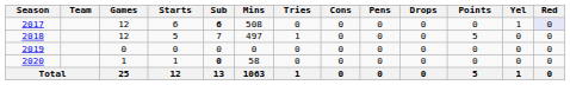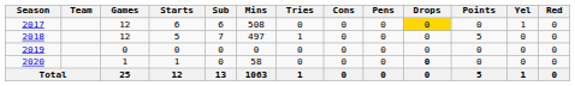 <table class="wikitable" style="text-align:center; line-height:90%; font-size:95%; width:60%;">
 <tr>
 <th>Season</th>
 <th>Team</th>
 <th>Games</th>
 <th>Starts</th>
 <th>Sub</th>
 <th>Mins</th>
 <th>Tries</th>
 <th>Cons</th>
 <th>Pens</th>
 <th>Drops</th>
 <th>Points</th>
 <th>Yel</th>
 <th>Red</th>
 </tr>
 <tr>
 <td><a href='#'>2017</a></td>
 <td></td>
 <td>12</td>
 <td>6</td>
-<td><strong>6</strong></td>
+<td>6</td>
 <td>508</td>
 <td>0</td>
 <td>0</td>
 <td>0</td>
-<td>0</td>
+<td style="background: gold;">0</td>
 <td>0</td>
 <td>1</td>
-<td style="background: lavender;">0</td>
+<td>0</td>
 </tr>
 <tr>
 <td><a href='#'>2018</a></td>
 <td></td>
 <td>12</td>
 <td>5</td>
 <td>7</td>
 <td>497</td>
 <td>1</td>
 <td>0</td>
 <td>0</td>
 <td>0</td>
 <td>5</td>
 <td>0</td>
 <td>0</td>
 </tr>
 <tr>
 <td><a href='#'>2019</a></td>
 <td></td>
 <td>0</td>
 <td>0</td>
 <td>0</td>
 <td>0</td>
 <td>0</td>
 <td>0</td>
 <td>0</td>
 <td>0</td>
 <td>0</td>
 <td>0</td>
 <td>0</td>
 </tr>
 <tr>
 <td><a href='#'>2020</a></td>
 <td></td>
 <td>1</td>
 <td>1</td>
-<td><strong>0</strong></td>
+<td>0</td>
 <td>58</td>
 <td>0</td>
 <td>0</td>
 <td>0</td>
-<td>0</td>
+<td><strong>0</strong></td>
 <td>0</td>
 <td>0</td>
 <td>0</td>
 </tr>
 <tr>
 <th colspan="2">Total</th>
 <th>25</th>
 <th>12</th>
 <th>13</th>
 <th>1063</th>
 <th>1</th>
 <th>0</th>
 <th>0</th>
 <th>0</th>
 <th>5</th>
 <th>1</th>
 <th>0</th>
 </tr>
 </table>
